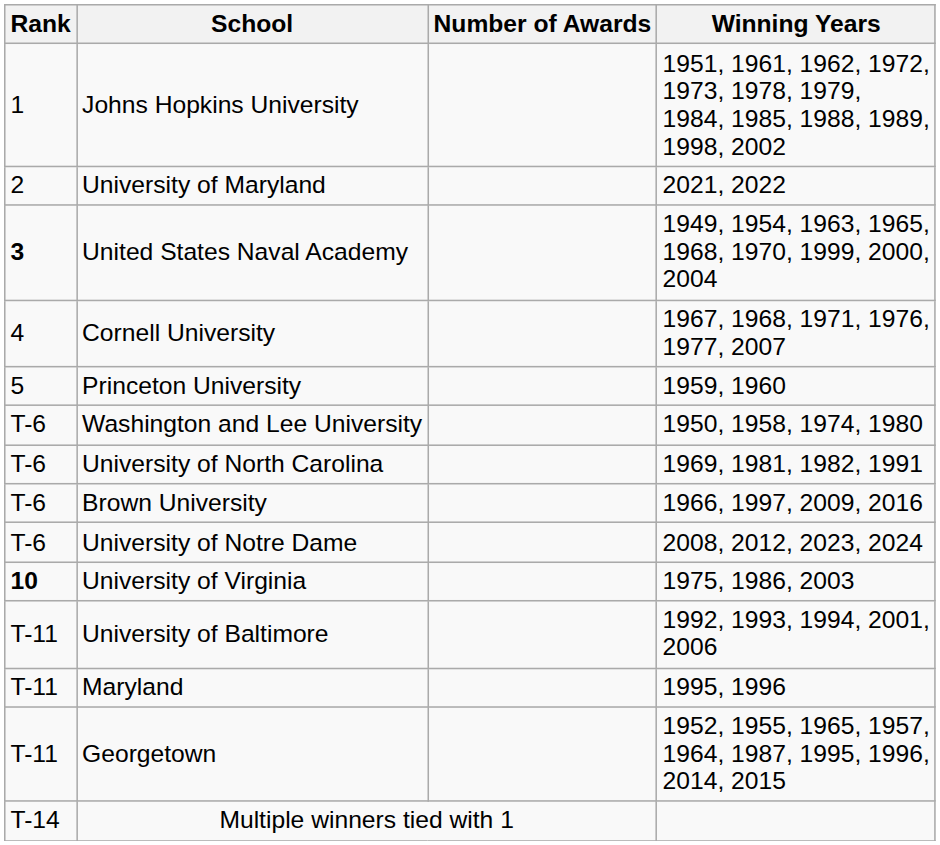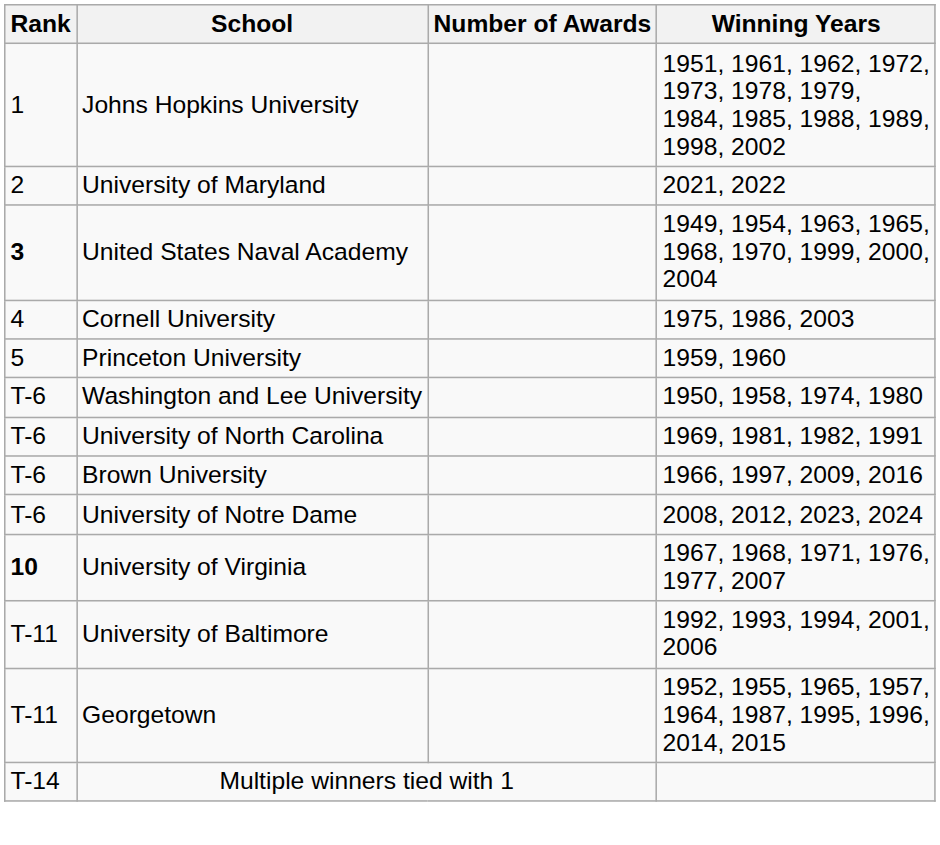 <table class="wikitable">
 <tr>
 <th>Rank</th>
 <th>School</th>
 <th>Number of Awards</th>
 <th>Winning Years</th>
 </tr>
 <tr>
 <td>1</td>
 <td>Johns Hopkins University</td>
 <td></td>
 <td>1951, 1961, 1962, 1972, <br>1973, 1978, 1979, <br> 1984, 1985, 1988, 1989, <br>1998, 2002</td>
 </tr>
 <tr>
 <td>2</td>
 <td>University of Maryland</td>
 <td></td>
 <td>2021, 2022</td>
 </tr>
 <tr>
 <td><strong>3</strong></td>
 <td>United States Naval Academy</td>
 <td></td>
 <td>1949, 1954, 1963, 1965,<br> 1968, 1970, 1999, 2000,<br> 2004</td>
 </tr>
 <tr>
 <td>4</td>
 <td>Cornell University</td>
 <td></td>
-<td>1967, 1968, 1971, 1976,<br>1977, 2007</td>
+<td>1975, 1986, 2003</td>
 </tr>
 <tr>
 <td>5</td>
 <td>Princeton University</td>
 <td></td>
 <td>1959, 1960</td>
 </tr>
 <tr>
 <td>T-6</td>
 <td>Washington and Lee University</td>
 <td></td>
 <td>1950, 1958, 1974, 1980</td>
 </tr>
 <tr>
 <td>T-6</td>
 <td>University of North Carolina</td>
 <td></td>
 <td>1969, 1981, 1982, 1991</td>
 </tr>
 <tr>
 <td>T-6</td>
 <td>Brown University</td>
 <td></td>
 <td>1966, 1997, 2009, 2016</td>
 </tr>
 <tr>
 <td>T-6</td>
 <td>University of Notre Dame</td>
 <td></td>
 <td>2008, 2012, 2023, 2024</td>
 </tr>
 <tr>
 <td><strong>10</strong></td>
 <td>University of Virginia</td>
 <td></td>
-<td>1975, 1986, 2003</td>
+<td>1967, 1968, 1971, 1976,<br>1977, 2007</td>
 </tr>
 <tr>
 <td>T-11</td>
 <td>University of Baltimore</td>
 <td></td>
 <td>1992, 1993, 1994, 2001,<br> 2006</td>
-</tr>
-<tr>
-<td>T-11</td>
-<td>Maryland</td>
-<td></td>
-<td>1995, 1996</td>
 </tr>
 <tr>
 <td>T-11</td>
 <td>Georgetown</td>
 <td></td>
 <td>1952, 1955, 1965, 1957, <br>1964, 1987, 1995, 1996,<br> 2014, 2015</td>
 </tr>
 <tr>
 <td>T-14</td>
 <td colspan="2" style="text-align:center;">Multiple winners tied with 1</td>
 <td> </td>
 </tr>
 </table>
